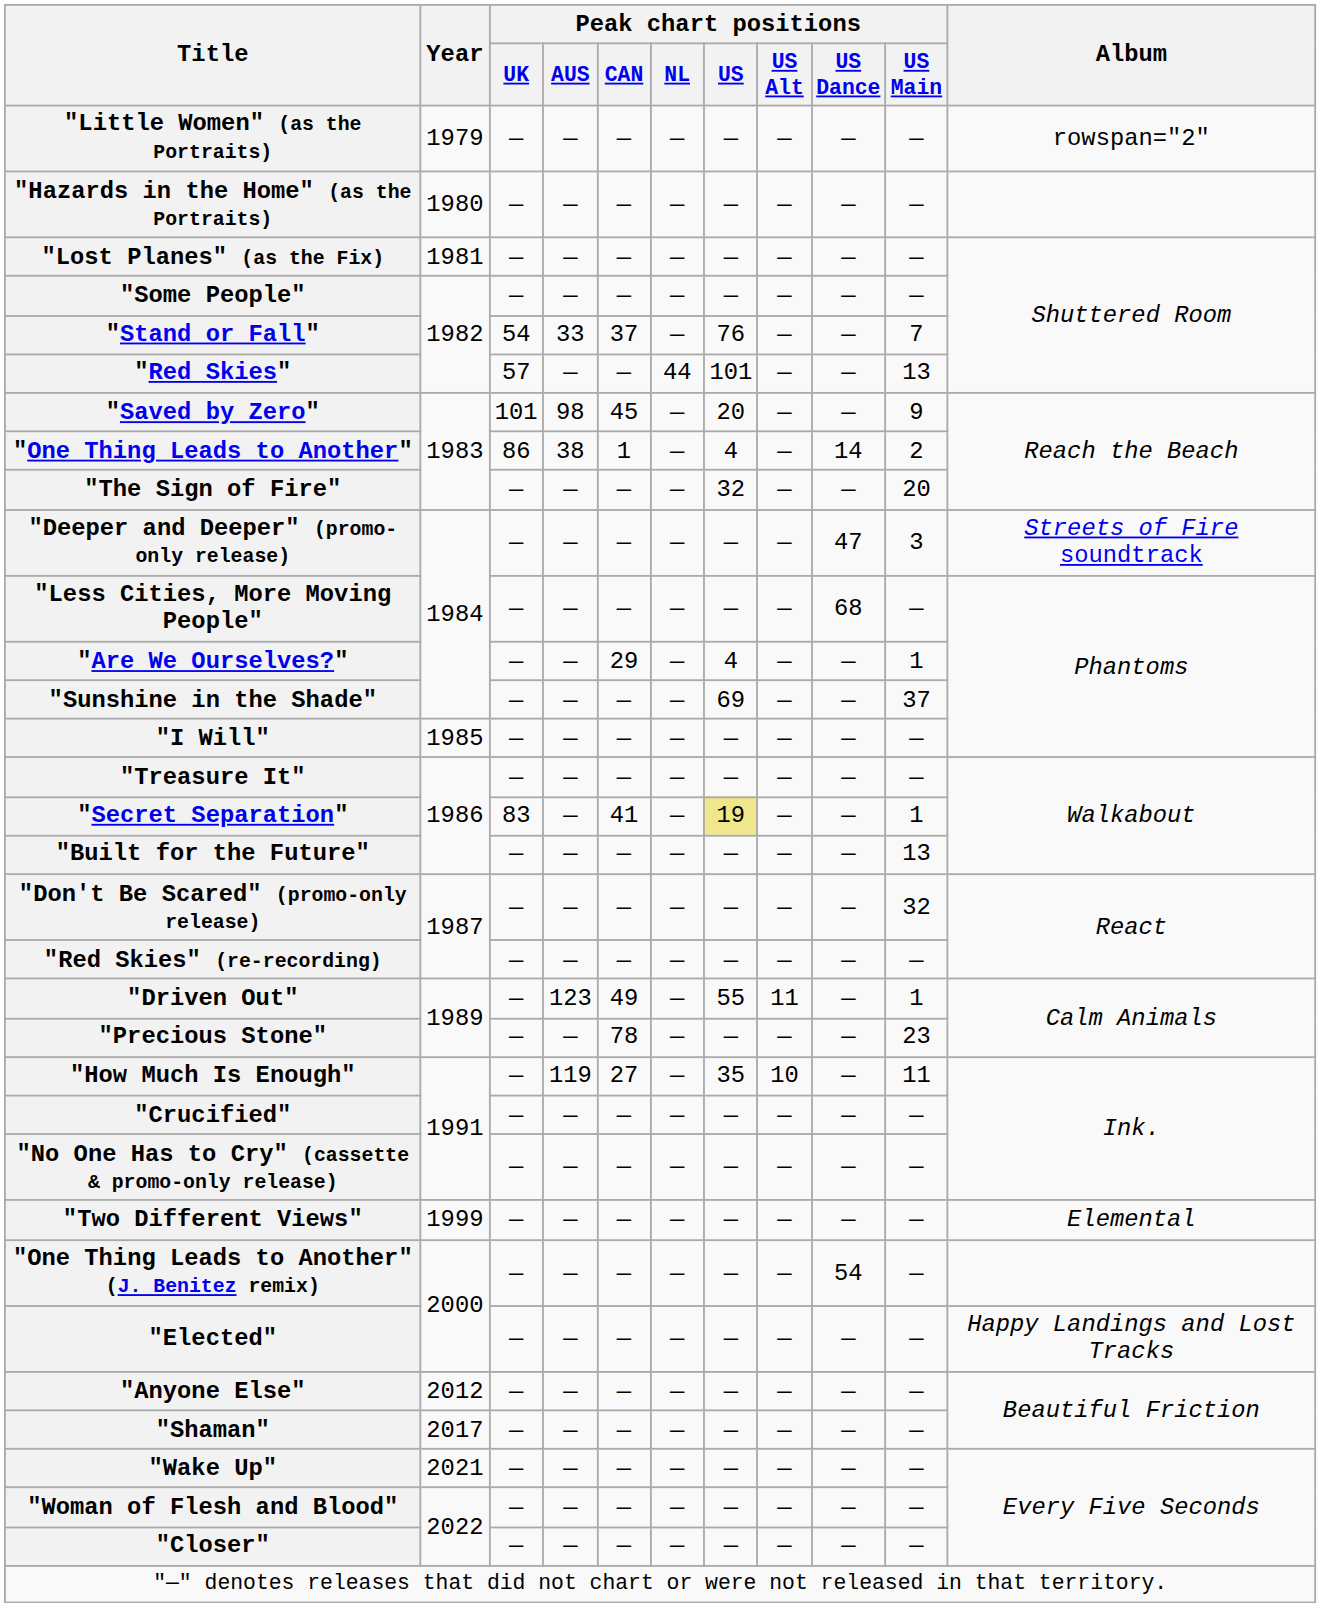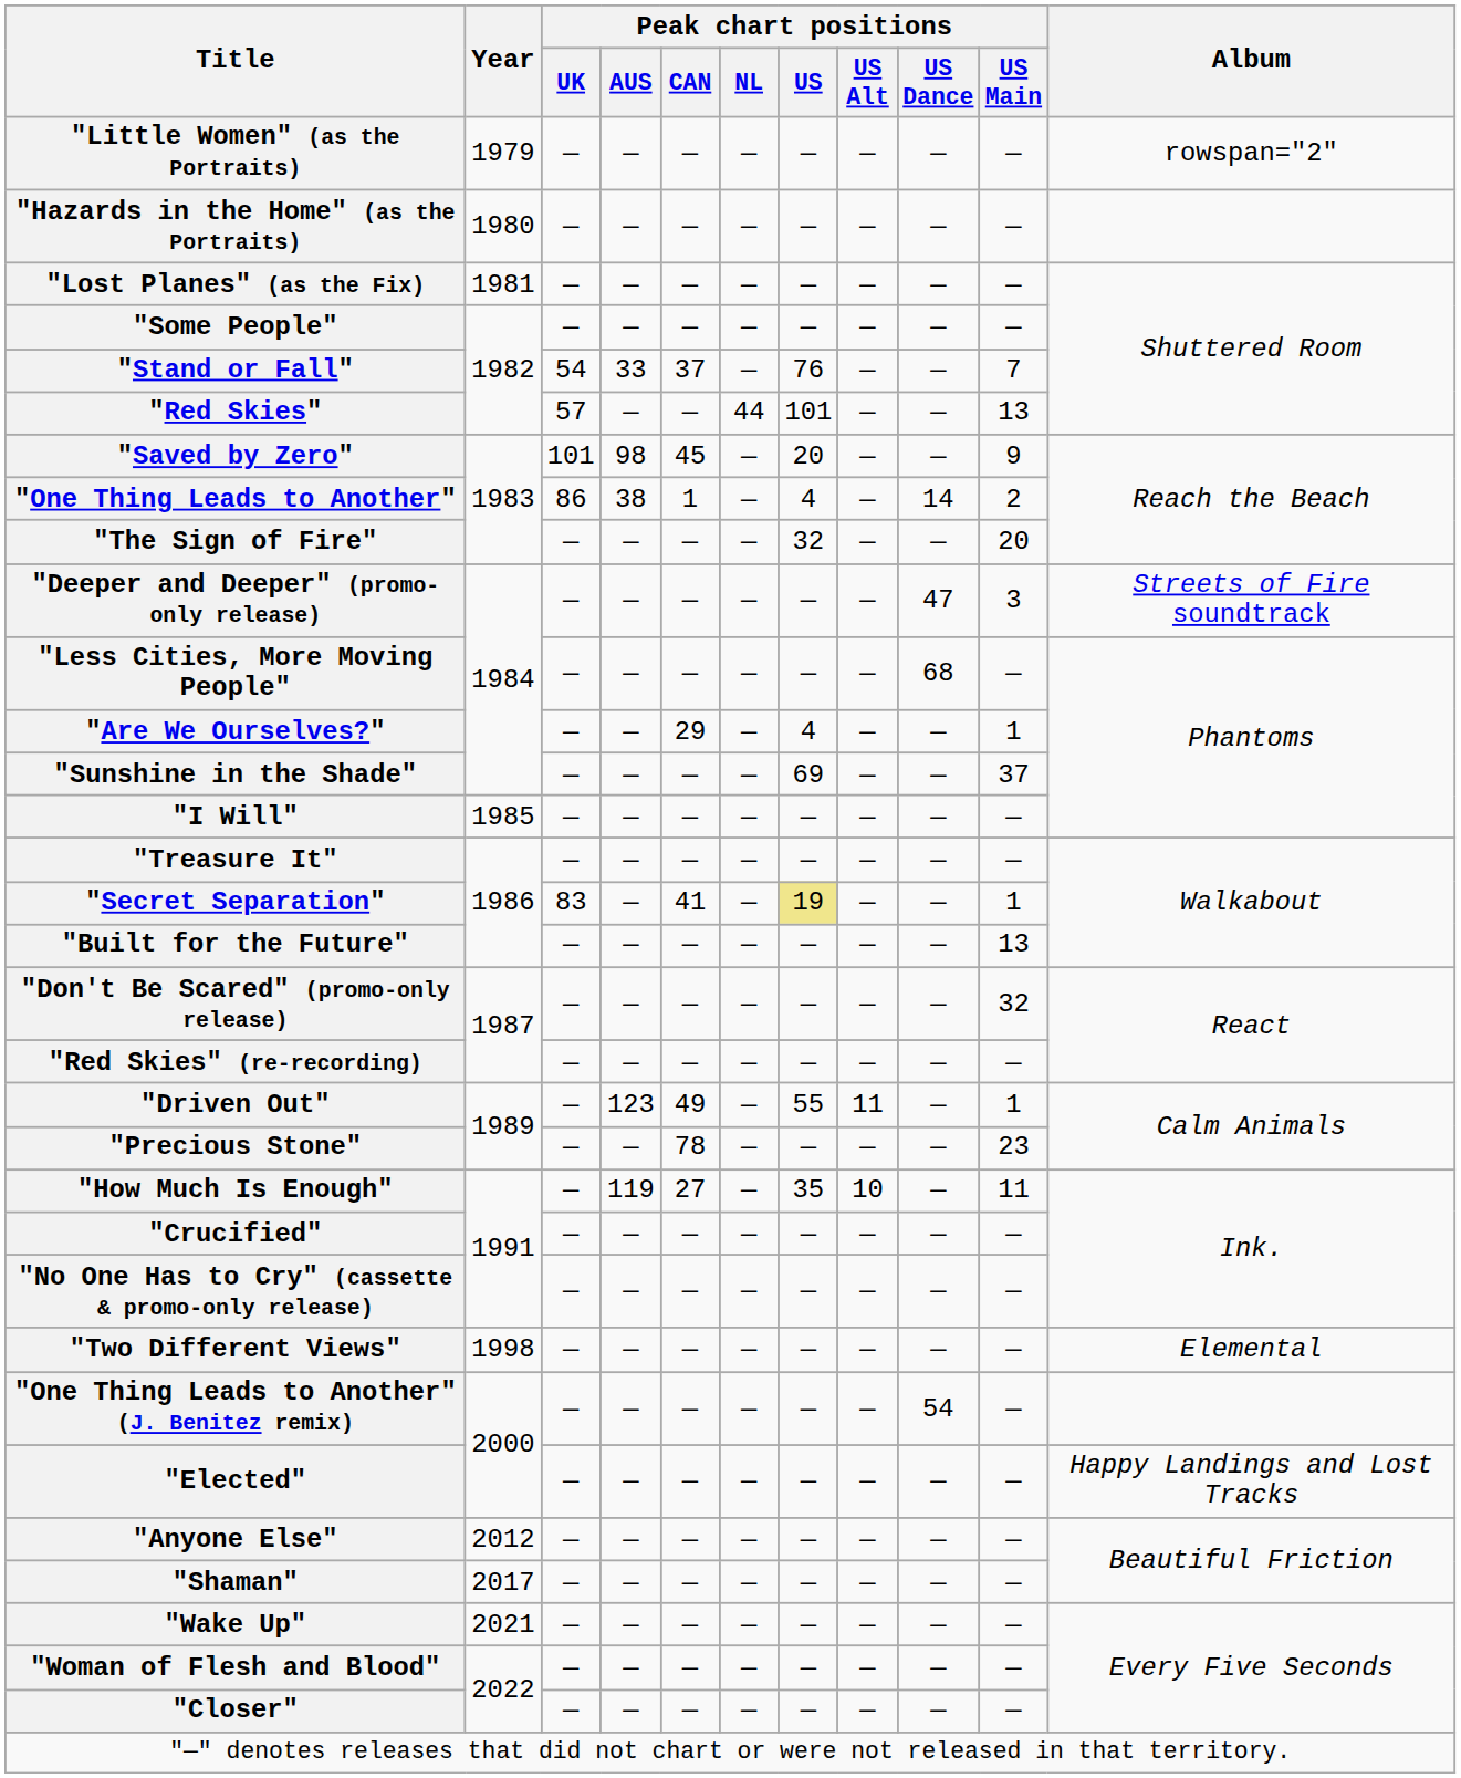 <table class="wikitable plainrowheaders" style="text-align:center;">
 <tr>
 <th rowspan="2" scope="col" style="width:17em;">Title</th>
 <th rowspan="2" scope="col" style="width:2em;">Year</th>
 <th colspan="8">Peak chart positions</th>
 <th rowspan="2" style="width:15em;">Album</th>
 </tr>
 <tr>
 <th scope="col" style="width:2em;font-size:90%;"><a href='#'>UK</a><br></th>
 <th scope="col" style="width:2em;font-size:90%;"><a href='#'>AUS</a><br></th>
 <th scope="col" style="width:2em;font-size:90%;"><a href='#'>CAN</a><br></th>
 <th scope="col" style="width:2em;font-size:90%;"><a href='#'>NL</a><br></th>
 <th scope="col" style="width:2em;font-size:90%;"><a href='#'>US</a><br></th>
 <th scope="col" style="width:2em;font-size:90%;"><a href='#'>US Alt</a><br></th>
 <th scope="col" style="width:2em;font-size:90%;"><a href='#'>US Dance</a><br></th>
 <th scope="col" style="width:2em;font-size:90%;"><a href='#'>US Main</a><br></th>
 </tr>
 <tr>
 <th scope="row">"Little Women" <small>(as the Portraits)</small></th>
 <td>1979</td>
 <td>—</td>
 <td>—</td>
 <td>—</td>
 <td>—</td>
 <td>—</td>
 <td>—</td>
 <td>—</td>
 <td>—</td>
 <td>rowspan="2" </td>
 </tr>
 <tr>
 <th scope="row">"Hazards in the Home" <small>(as the Portraits)</small></th>
 <td>1980</td>
 <td>—</td>
 <td>—</td>
 <td>—</td>
 <td>—</td>
 <td>—</td>
 <td>—</td>
 <td>—</td>
 <td>—</td>
 </tr>
 <tr>
 <th scope="row">"Lost Planes" <small>(as the Fix)</small></th>
 <td>1981</td>
 <td>—</td>
 <td>—</td>
 <td>—</td>
 <td>—</td>
 <td>—</td>
 <td>—</td>
 <td>—</td>
 <td>—</td>
 <td rowspan="4"><em>Shuttered Room</em></td>
 </tr>
 <tr>
 <th scope="row">"Some People"</th>
 <td rowspan="3">1982</td>
 <td>—</td>
 <td>—</td>
 <td>—</td>
 <td>—</td>
 <td>—</td>
 <td>—</td>
 <td>—</td>
 <td>—</td>
 </tr>
 <tr>
 <th scope="row">"<a href='#'>Stand or Fall</a>"</th>
 <td>54</td>
 <td>33</td>
 <td>37</td>
 <td>—</td>
 <td>76</td>
 <td>—</td>
 <td>—</td>
 <td>7</td>
 </tr>
 <tr>
 <th scope="row">"<a href='#'>Red Skies</a>"</th>
 <td>57</td>
 <td>—</td>
 <td>—</td>
 <td>44</td>
 <td>101</td>
 <td>—</td>
 <td>—</td>
 <td>13</td>
 </tr>
 <tr>
 <th scope="row">"<a href='#'>Saved by Zero</a>"</th>
 <td rowspan="3">1983</td>
 <td>101</td>
 <td>98</td>
 <td>45</td>
 <td>—</td>
 <td>20</td>
 <td>—</td>
 <td>—</td>
 <td>9</td>
 <td rowspan="3"><em>Reach the Beach</em></td>
 </tr>
 <tr>
 <th scope="row">"<a href='#'>One Thing Leads to Another</a>"</th>
 <td>86</td>
 <td>38</td>
 <td>1</td>
 <td>—</td>
 <td>4</td>
 <td>—</td>
 <td>14</td>
 <td>2</td>
 </tr>
 <tr>
 <th scope="row">"The Sign of Fire"</th>
 <td>—</td>
 <td>—</td>
 <td>—</td>
 <td>—</td>
 <td>32</td>
 <td>—</td>
 <td>—</td>
 <td>20</td>
 </tr>
 <tr>
 <th scope="row">"Deeper and Deeper" <small>(promo-only release)</small></th>
 <td rowspan="4">1984</td>
 <td>—</td>
 <td>—</td>
 <td>—</td>
 <td>—</td>
 <td>—</td>
 <td>—</td>
 <td>47</td>
 <td>3</td>
 <td><a href='#'><em>Streets of Fire</em> soundtrack</a></td>
 </tr>
 <tr>
 <th scope="row">"Less Cities, More Moving People"</th>
 <td>—</td>
 <td>—</td>
 <td>—</td>
 <td>—</td>
 <td>—</td>
 <td>—</td>
 <td>68</td>
 <td>—</td>
 <td rowspan="4"><em>Phantoms</em></td>
 </tr>
 <tr>
 <th scope="row">"<a href='#'>Are We Ourselves?</a>"</th>
 <td>—</td>
 <td>—</td>
 <td>29</td>
 <td>—</td>
 <td>4</td>
 <td>—</td>
 <td>—</td>
 <td>1</td>
 </tr>
 <tr>
 <th scope="row">"Sunshine in the Shade"</th>
 <td>—</td>
 <td>—</td>
 <td>—</td>
 <td>—</td>
 <td>69</td>
 <td>—</td>
 <td>—</td>
 <td>37</td>
 </tr>
 <tr>
 <th scope="row">"I Will"</th>
 <td>1985</td>
 <td>—</td>
 <td>—</td>
 <td>—</td>
 <td>—</td>
 <td>—</td>
 <td>—</td>
 <td>—</td>
 <td>—</td>
 </tr>
 <tr>
 <th scope="row">"Treasure It"</th>
 <td rowspan="3">1986</td>
 <td>—</td>
 <td>—</td>
 <td>—</td>
 <td>—</td>
 <td>—</td>
 <td>—</td>
 <td>—</td>
 <td>—</td>
 <td rowspan="3"><em>Walkabout</em></td>
 </tr>
 <tr>
 <th scope="row">"<a href='#'>Secret Separation</a>"</th>
 <td>83</td>
 <td>—</td>
 <td>41</td>
 <td>—</td>
 <td style="background: khaki;">19</td>
 <td>—</td>
 <td>—</td>
 <td>1</td>
 </tr>
 <tr>
 <th scope="row">"Built for the Future"</th>
 <td>—</td>
 <td>—</td>
 <td>—</td>
 <td>—</td>
 <td>—</td>
 <td>—</td>
 <td>—</td>
 <td>13</td>
 </tr>
 <tr>
 <th scope="row">"Don't Be Scared" <small>(promo-only release)</small></th>
 <td rowspan="2">1987</td>
 <td>—</td>
 <td>—</td>
 <td>—</td>
 <td>—</td>
 <td>—</td>
 <td>—</td>
 <td>—</td>
 <td>32</td>
 <td rowspan="2"><em>React</em></td>
 </tr>
 <tr>
 <th scope="row">"Red Skies" <small>(re-recording)</small></th>
 <td>—</td>
 <td>—</td>
 <td>—</td>
 <td>—</td>
 <td>—</td>
 <td>—</td>
 <td>—</td>
 <td>—</td>
 </tr>
 <tr>
 <th scope="row">"Driven Out"</th>
 <td rowspan="2">1989</td>
 <td>—</td>
 <td>123</td>
 <td>49</td>
 <td>—</td>
 <td>55</td>
 <td>11</td>
 <td>—</td>
 <td>1</td>
 <td rowspan="2"><em>Calm Animals</em></td>
 </tr>
 <tr>
 <th scope="row">"Precious Stone"</th>
 <td>—</td>
 <td>—</td>
 <td>78</td>
 <td>—</td>
 <td>—</td>
 <td>—</td>
 <td>—</td>
 <td>23</td>
 </tr>
 <tr>
 <th scope="row">"How Much Is Enough"</th>
 <td rowspan="3">1991</td>
 <td>—</td>
 <td>119</td>
 <td>27</td>
 <td>—</td>
 <td>35</td>
 <td>10</td>
 <td>—</td>
 <td>11</td>
 <td rowspan="3"><em>Ink.</em></td>
 </tr>
 <tr>
 <th scope="row">"Crucified"</th>
 <td>—</td>
 <td>—</td>
 <td>—</td>
 <td>—</td>
 <td>—</td>
 <td>—</td>
 <td>—</td>
 <td>—</td>
 </tr>
 <tr>
 <th scope="row">"No One Has to Cry" <small>(cassette & promo-only release)</small></th>
 <td>—</td>
 <td>—</td>
 <td>—</td>
 <td>—</td>
 <td>—</td>
 <td>—</td>
 <td>—</td>
 <td>—</td>
 </tr>
 <tr>
 <th scope="row">"Two Different Views"</th>
-<td>1999</td>
+<td>1998</td>
 <td>—</td>
 <td>—</td>
 <td>—</td>
 <td>—</td>
 <td>—</td>
 <td>—</td>
 <td>—</td>
 <td>—</td>
 <td><em>Elemental</em></td>
 </tr>
 <tr>
 <th scope="row">"One Thing Leads to Another" <small>(<a href='#'>J. Benitez</a> remix)</small></th>
 <td rowspan="2">2000</td>
 <td>—</td>
 <td>—</td>
 <td>—</td>
 <td>—</td>
 <td>—</td>
 <td>—</td>
 <td>54</td>
 <td>—</td>
 <td></td>
 </tr>
 <tr>
 <th scope="row">"Elected"</th>
 <td>—</td>
 <td>—</td>
 <td>—</td>
 <td>—</td>
 <td>—</td>
 <td>—</td>
 <td>—</td>
 <td>—</td>
 <td><em>Happy Landings and Lost Tracks</em></td>
 </tr>
 <tr>
 <th scope="row">"Anyone Else"</th>
 <td>2012</td>
 <td>—</td>
 <td>—</td>
 <td>—</td>
 <td>—</td>
 <td>—</td>
 <td>—</td>
 <td>—</td>
 <td>—</td>
 <td rowspan="2"><em>Beautiful Friction</em></td>
 </tr>
 <tr>
 <th scope="row">"Shaman"</th>
 <td>2017</td>
 <td>—</td>
 <td>—</td>
 <td>—</td>
 <td>—</td>
 <td>—</td>
 <td>—</td>
 <td>—</td>
 <td>—</td>
 </tr>
 <tr>
 <th scope="row">"Wake Up"</th>
 <td>2021</td>
 <td>—</td>
 <td>—</td>
 <td>—</td>
 <td>—</td>
 <td>—</td>
 <td>—</td>
 <td>—</td>
 <td>—</td>
 <td rowspan="3"><em>Every Five Seconds</em></td>
 </tr>
 <tr>
 <th scope="row">"Woman of Flesh and Blood"</th>
 <td rowspan="2">2022</td>
 <td>—</td>
 <td>—</td>
 <td>—</td>
 <td>—</td>
 <td>—</td>
 <td>—</td>
 <td>—</td>
 <td>—</td>
 </tr>
 <tr>
 <th scope="row">"Closer"</th>
 <td>—</td>
 <td>—</td>
 <td>—</td>
 <td>—</td>
 <td>—</td>
 <td>—</td>
 <td>—</td>
 <td>—</td>
 </tr>
 <tr>
 <td colspan="11" style="font-size:90%">"—" denotes releases that did not chart or were not released in that territory.</td>
 </tr>
 </table>
